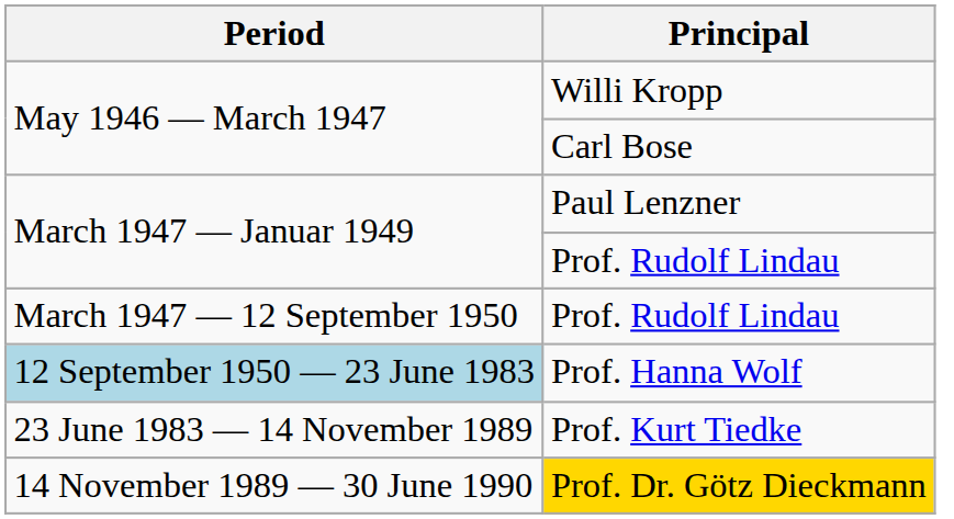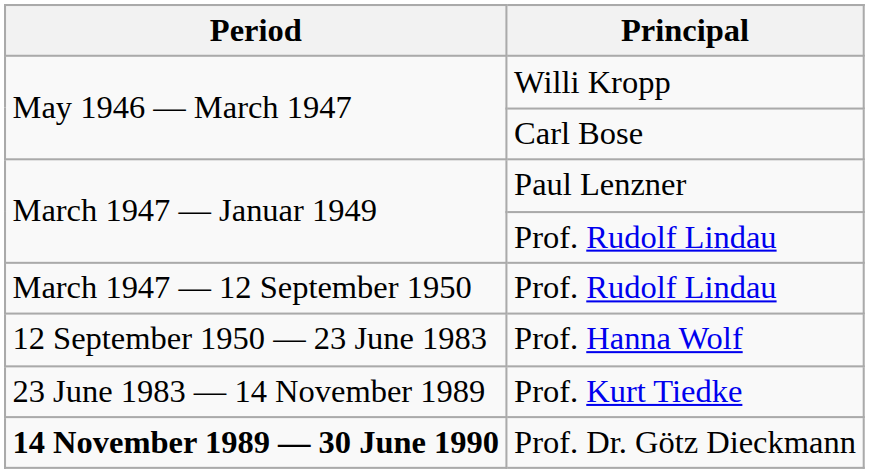 <table class="wikitable">
 <tr>
 <th>Period</th>
 <th>Principal</th>
 </tr>
 <tr>
 <td rowspan="2">May 1946 — March 1947</td>
 <td>Willi Kropp</td>
 </tr>
 <tr>
 <td>Carl Bose</td>
 </tr>
 <tr>
 <td rowspan="2">March 1947 — Januar 1949</td>
 <td>Paul Lenzner</td>
 </tr>
 <tr>
 <td>Prof. <a href='#'>Rudolf Lindau</a></td>
 </tr>
 <tr>
 <td>March 1947 — 12 September 1950</td>
 <td>Prof. <a href='#'>Rudolf Lindau</a></td>
 </tr>
 <tr>
-<td style="background: lightblue;">12 September 1950 — 23 June 1983</td>
+<td>12 September 1950 — 23 June 1983</td>
 <td>Prof. <a href='#'>Hanna Wolf</a></td>
 </tr>
 <tr>
 <td>23 June 1983 — 14 November 1989</td>
 <td>Prof. <a href='#'>Kurt Tiedke</a></td>
 </tr>
 <tr>
-<td>14 November 1989 — 30 June 1990</td>
-<td style="background: gold;">Prof. Dr. Götz Dieckmann</td>
+<td><strong>14 November 1989 — 30 June 1990</strong></td>
+<td>Prof. Dr. Götz Dieckmann</td>
 </tr>
 </table>
